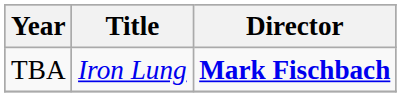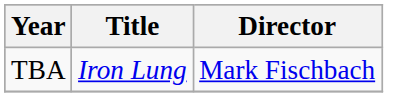 <table class="wikitable">
 <tr>
 <th>Year</th>
 <th>Title</th>
 <th>Director</th>
 </tr>
 <tr>
 <td>TBA</td>
 <td><em><a href='#'>Iron Lung</a></em></td>
-<td><strong><a href='#'>Mark Fischbach</a></strong></td>
+<td><a href='#'>Mark Fischbach</a></td>
 </tr>
 <tr>
 </tr>
 </table>
